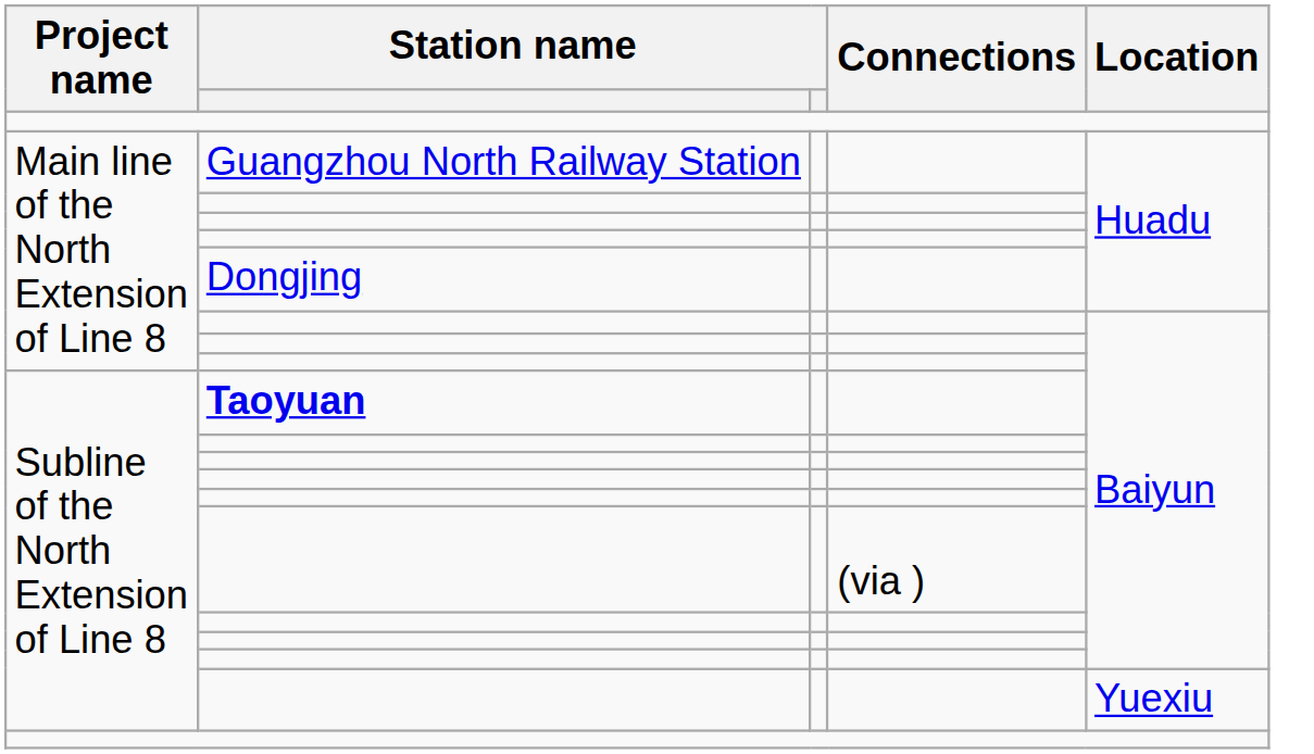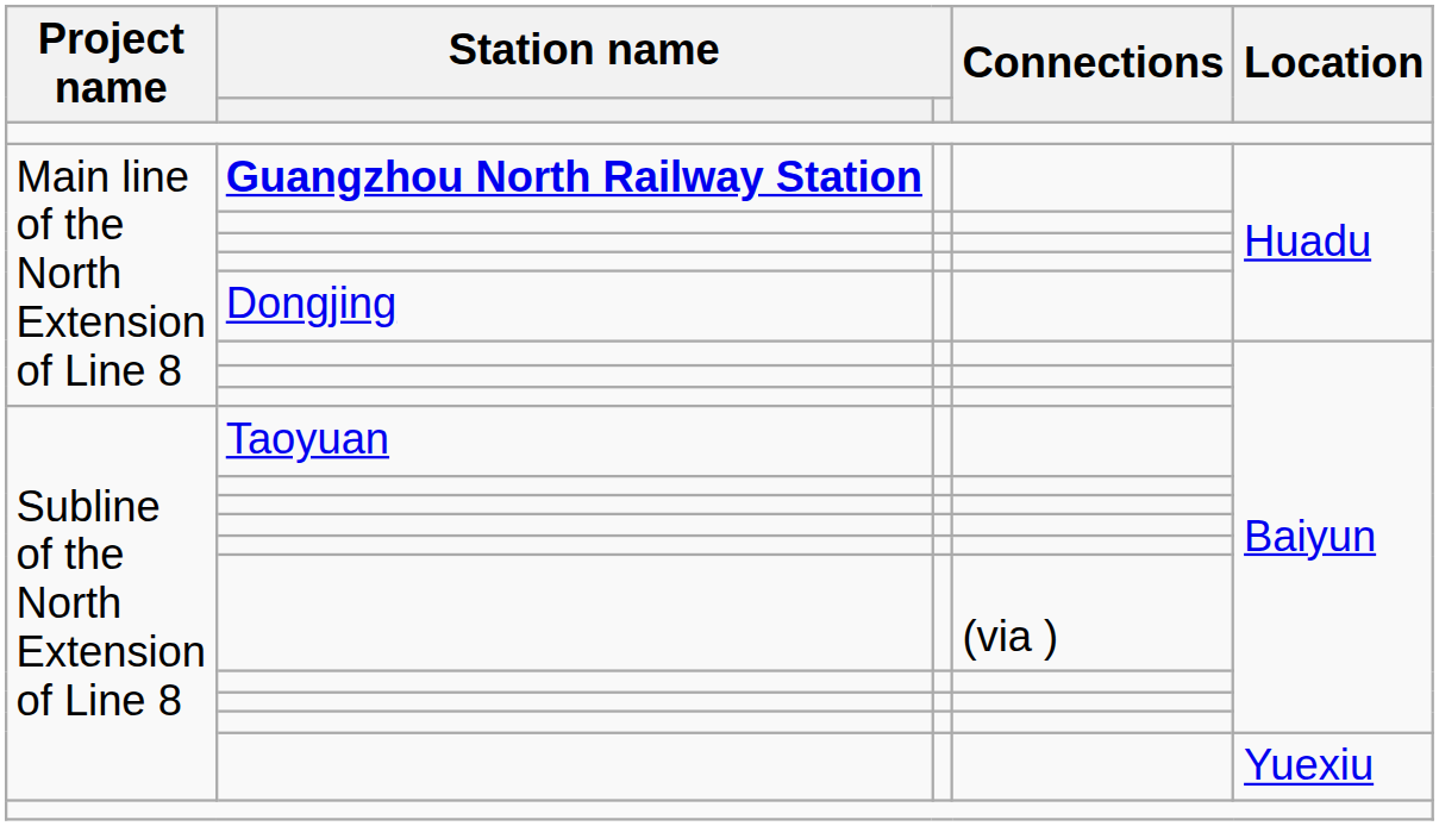 <table class="wikitable">
 <tr>
 <th rowspan="2">Project name</th>
 <th colspan="2">Station name</th>
 <th rowspan="2">Connections</th>
 <th rowspan="2">Location</th>
 </tr>
 <tr>
 <th></th>
 <th></th>
 </tr>
 <tr style="background:#">
 <td colspan = "6"></td>
 </tr>
 <tr>
 <td rowspan="8" style="width:4em;">Main line of the North Extension of Line 8</td>
-<td><a href='#'>Guangzhou North Railway Station</a></td>
+<td><strong><a href='#'>Guangzhou North Railway Station</a></strong></td>
 <td></td>
 <td> </td>
 <td rowspan="5"><a href='#'>Huadu</a></td>
 </tr>
 <tr>
 <td></td>
 <td></td>
 <td></td>
 </tr>
 <tr>
 <td></td>
 <td></td>
 <td></td>
 </tr>
 <tr>
 <td></td>
 <td></td>
 <td></td>
 </tr>
 <tr>
 <td><a href='#'>Dongjing</a></td>
 <td></td>
 <td></td>
 </tr>
 <tr>
 <td></td>
 <td></td>
 <td></td>
 <td rowspan="12"><a href='#'>Baiyun</a></td>
 </tr>
 <tr>
 <td></td>
 <td></td>
 <td></td>
 </tr>
 <tr>
 <td></td>
 <td></td>
 <td></td>
 </tr>
 <tr>
 <td rowspan="10" style="width:4em;">Subline of the North Extension of Line 8</td>
-<td><strong><a href='#'>Taoyuan</a></strong></td>
+<td><a href='#'>Taoyuan</a></td>
 <td></td>
 <td></td>
 </tr>
 <tr>
 <td></td>
 <td></td>
 <td></td>
 </tr>
 <tr>
 <td></td>
 <td></td>
 <td></td>
 </tr>
 <tr>
 <td></td>
 <td></td>
 <td></td>
 </tr>
 <tr>
 <td></td>
 <td></td>
 <td></td>
 </tr>
 <tr>
 <td></td>
 <td></td>
 <td> <br> (via  )<br></td>
 </tr>
 <tr>
 <td></td>
 <td></td>
 <td></td>
 </tr>
 <tr>
 <td></td>
 <td></td>
 <td></td>
 </tr>
 <tr>
 <td></td>
 <td></td>
 <td> </td>
 </tr>
 <tr>
 <td></td>
 <td></td>
 <td> <br></td>
 <td><a href='#'>Yuexiu</a></td>
 </tr>
 <tr style="background:#">
 <td colspan = "6"></td>
 </tr>
 </table>
